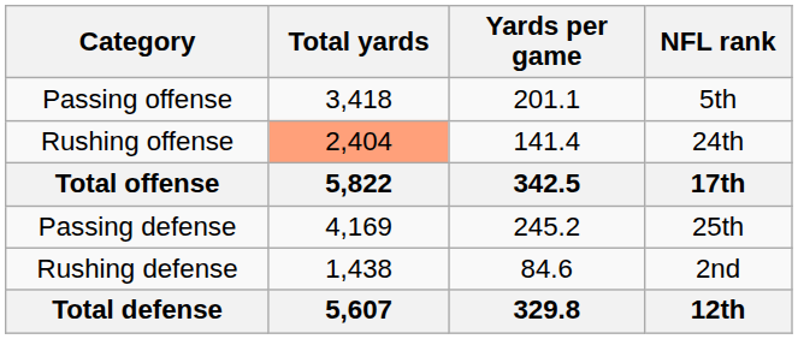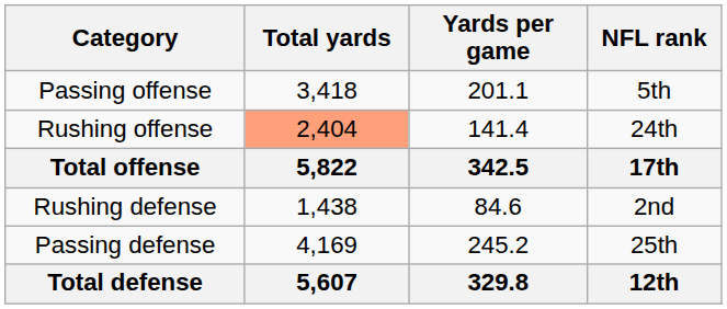 <table class="wikitable" style="text-align:center">
 <tr>
 <th width="150">Category</th>
 <th width="100">Total yards</th>
 <th width="110">Yards per game</th>
 <th width="80">NFL rank<br></th>
 </tr>
 <tr>
 <td>Passing offense</td>
 <td>3,418</td>
 <td>201.1</td>
 <td>5th</td>
 </tr>
 <tr>
 <td>Rushing offense</td>
 <td style="background: lightsalmon;">2,404</td>
 <td>141.4</td>
 <td>24th</td>
 </tr>
 <tr>
 <th>Total offense</th>
 <th>5,822</th>
 <th>342.5</th>
 <th>17th</th>
 </tr>
 <tr>
+<td>Rushing defense</td>
+<td>1,438</td>
+<td>84.6</td>
+<td>2nd</td>
+</tr>
+<tr>
 <td>Passing defense</td>
 <td>4,169</td>
 <td>245.2</td>
 <td>25th</td>
-</tr>
-<tr>
-<td>Rushing defense</td>
-<td>1,438</td>
-<td>84.6</td>
-<td>2nd</td>
 </tr>
 <tr>
 <th>Total defense</th>
 <th>5,607</th>
 <th>329.8</th>
 <th>12th</th>
 </tr>
 </table>
